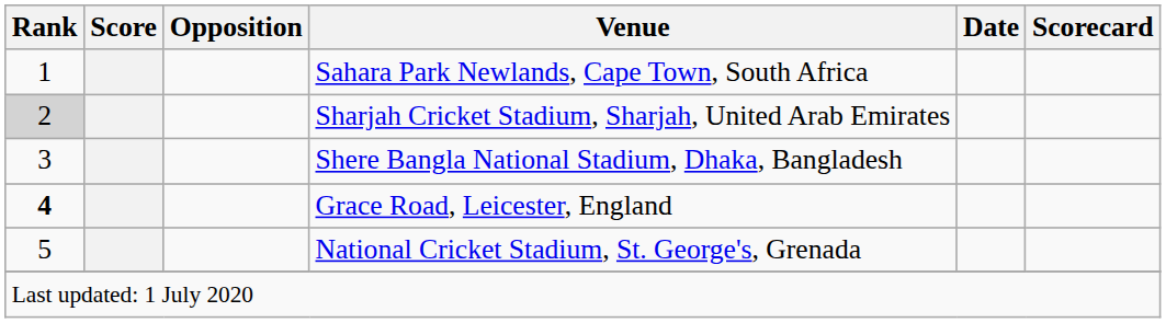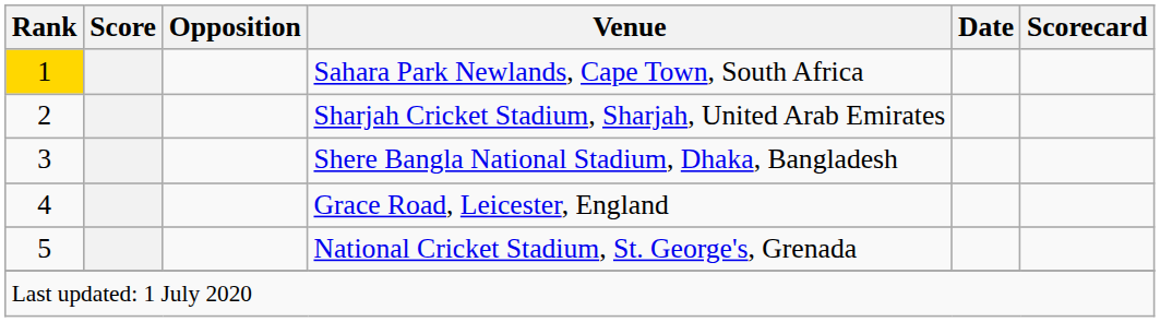 <table class="wikitable plainrowheaders sortable">
 <tr>
 <th scope=col>Rank</th>
 <th scope=col>Score</th>
 <th scope=col>Opposition</th>
 <th scope=col>Venue</th>
 <th scope=col>Date</th>
 <th scope=col>Scorecard</th>
 </tr>
 <tr>
-<td align=center>1</td>
+<td align=center style="background: gold;">1</td>
 <th scope=row style=text-align:center;></th>
 <td></td>
 <td><a href='#'>Sahara Park Newlands</a>, <a href='#'>Cape Town</a>, South Africa</td>
 <td></td>
 <td></td>
 </tr>
 <tr>
-<td align=center style="background: lightgrey;">2</td>
+<td align=center>2</td>
 <th scope=row style=text-align:center;></th>
 <td></td>
 <td><a href='#'>Sharjah Cricket Stadium</a>, <a href='#'>Sharjah</a>, United Arab Emirates</td>
 <td></td>
 <td></td>
 </tr>
 <tr>
 <td align=center>3</td>
 <th scope=row style=text-align:center;></th>
 <td></td>
 <td><a href='#'>Shere Bangla National Stadium</a>, <a href='#'>Dhaka</a>, Bangladesh</td>
 <td></td>
 <td></td>
 </tr>
 <tr>
-<td align=center><strong>4</strong></td>
+<td align=center>4</td>
 <th scope=row style=text-align:center;></th>
 <td></td>
 <td><a href='#'>Grace Road</a>, <a href='#'>Leicester</a>, England</td>
 <td> </td>
 <td></td>
 </tr>
 <tr>
 <td align=center>5</td>
 <th scope=row style=text-align:center;></th>
 <td></td>
 <td><a href='#'>National Cricket Stadium</a>, <a href='#'>St. George's</a>, Grenada</td>
 <td></td>
 <td></td>
 </tr>
 <tr>
 </tr>
 <tr class=sortbottom>
 <td colspan=6><small>Last updated: 1 July 2020</small></td>
 </tr>
 </table>
